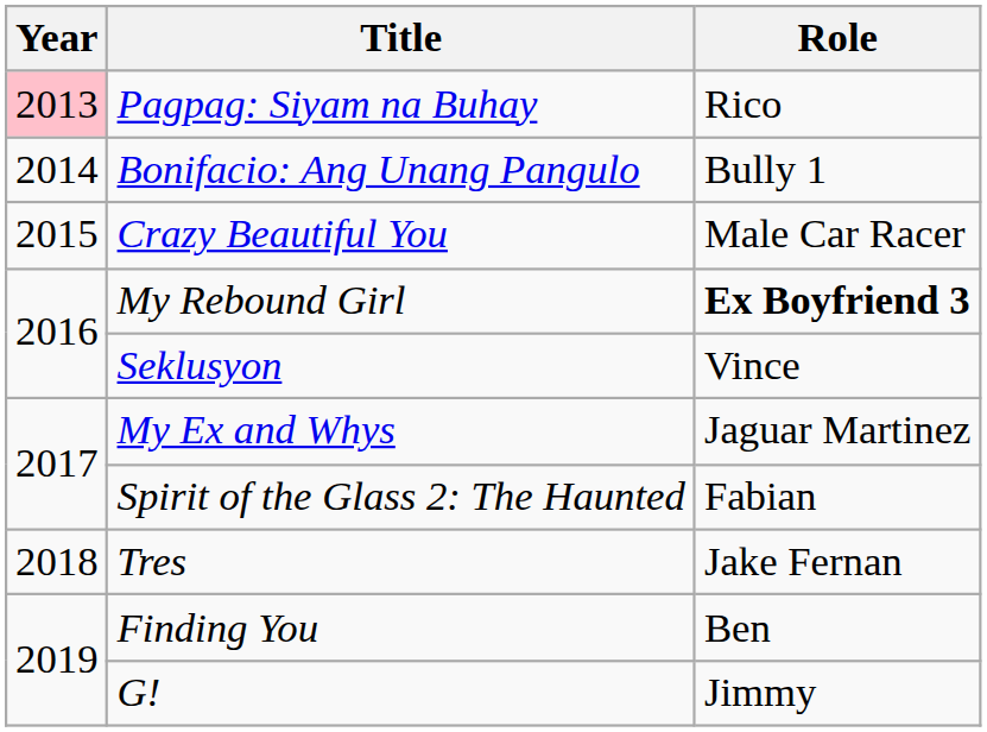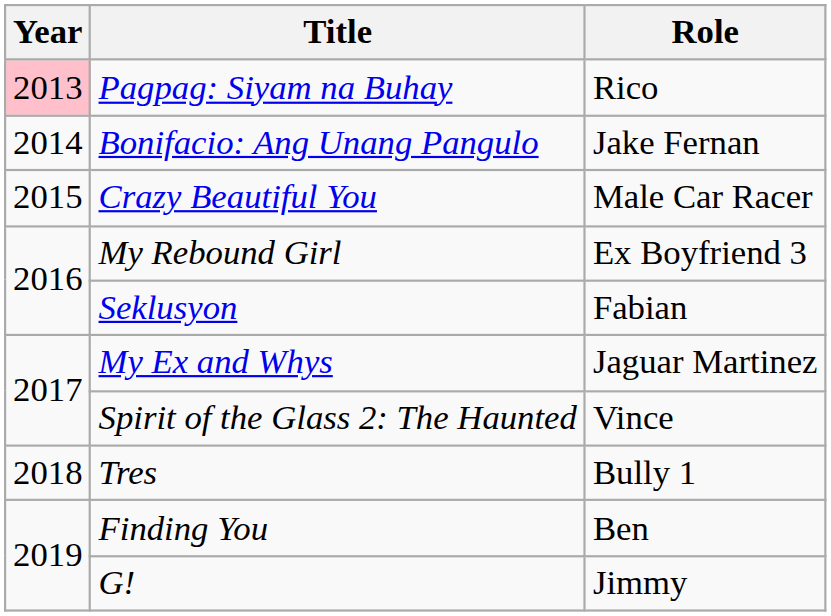 <table class="wikitable sortable">
 <tr>
 <th>Year</th>
 <th>Title</th>
 <th>Role</th>
 </tr>
 <tr>
 <td style="background: pink;">2013</td>
 <td><em><a href='#'>Pagpag: Siyam na Buhay</a></em></td>
 <td>Rico</td>
 </tr>
 <tr>
 <td>2014</td>
 <td><em><a href='#'>Bonifacio: Ang Unang Pangulo</a></em></td>
-<td>Bully 1</td>
+<td>Jake Fernan</td>
 </tr>
 <tr>
 <td>2015</td>
 <td><em><a href='#'>Crazy Beautiful You</a></em></td>
 <td>Male Car Racer</td>
 </tr>
 <tr>
 <td rowspan="2">2016</td>
 <td><em>My Rebound Girl</em></td>
-<td><strong>Ex Boyfriend 3</strong></td>
+<td>Ex Boyfriend 3</td>
 </tr>
 <tr>
 <td><em><a href='#'>Seklusyon</a></em></td>
-<td>Vince</td>
+<td>Fabian</td>
 </tr>
 <tr>
 <td rowspan=2>2017</td>
 <td><em><a href='#'>My Ex and Whys</a></em></td>
 <td>Jaguar Martinez</td>
 </tr>
 <tr>
 <td><em>Spirit of the Glass 2: The Haunted</em></td>
-<td>Fabian</td>
+<td>Vince</td>
 </tr>
 <tr>
 <td>2018</td>
 <td><em>Tres</em></td>
-<td>Jake Fernan</td>
+<td>Bully 1</td>
 </tr>
 <tr>
 <td rowspan=2>2019</td>
 <td><em>Finding You</em></td>
 <td>Ben</td>
 </tr>
 <tr>
 <td><em>G!</em></td>
 <td>Jimmy</td>
 </tr>
 </table>
